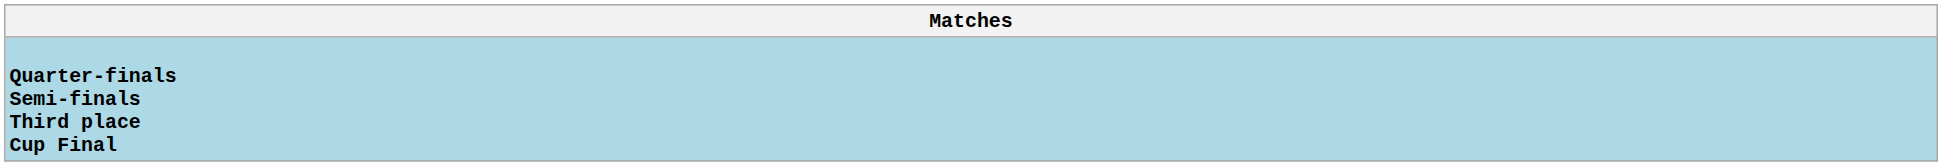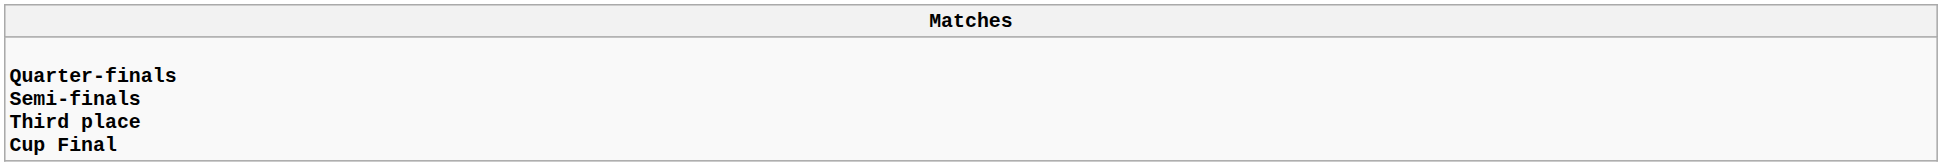 <table class="wikitable collapsible collapsed" style="width:100%;">
 <tr>
 <th>Matches</th>
 </tr>
 <tr>
-<td style="background: lightblue;"><br><strong>Quarter-finals</strong>    <br><strong>Semi-finals</strong>  <br><strong>Third place</strong> <br><strong>Cup Final</strong> </td>
+<td><br><strong>Quarter-finals</strong>    <br><strong>Semi-finals</strong>  <br><strong>Third place</strong> <br><strong>Cup Final</strong> </td>
 </tr>
 </table>
